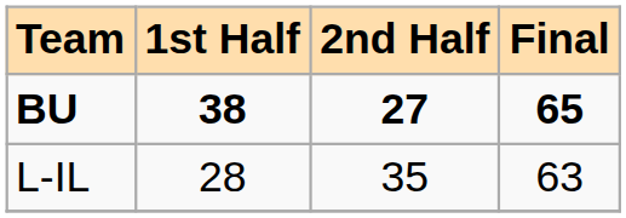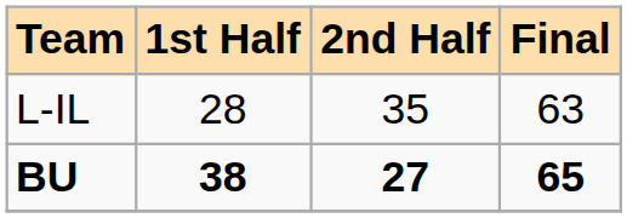 <table class="wikitable" align=right>
 <tr bgcolor=#ffdead align=center>
 <td><strong>Team</strong></td>
 <td><strong>1st Half</strong></td>
 <td><strong>2nd Half</strong></td>
 <td><strong>Final</strong></td>
 </tr>
 <tr>
+<td>L-IL</td>
+<td align=center>28</td>
+<td align=center>35</td>
+<td align=center>63</td>
+</tr>
+<tr>
 <td><strong>BU</strong></td>
 <td align=center><strong>38</strong></td>
 <td align=center><strong>27</strong></td>
 <td align=center><strong>65</strong></td>
 </tr>
 <tr>
-<td>L-IL</td>
-<td align=center>28</td>
-<td align=center>35</td>
-<td align=center>63</td>
-</tr>
-<tr>
 </tr>
 </table>
